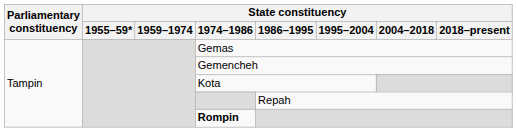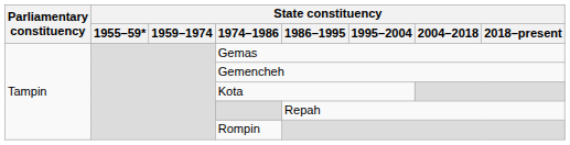 <table class="wikitable">
 <tr>
 <th rowspan="2">Parliamentary<br>constituency</th>
 <th colspan="7">State constituency</th>
 </tr>
 <tr>
 <th>1955–59*</th>
 <th>1959–1974</th>
 <th>1974–1986</th>
 <th>1986–1995</th>
 <th>1995–2004</th>
 <th>2004–2018</th>
 <th>2018–present</th>
 </tr>
 <tr>
 <td rowspan="5">Tampin</td>
 <td colspan="2" rowspan="5" bgcolor="dcdcdc"></td>
 <td colspan="5">Gemas</td>
 </tr>
 <tr>
 <td colspan="5">Gemencheh</td>
 </tr>
 <tr>
 <td colspan="3">Kota</td>
 <td colspan="2" bgcolor="dcdcdc"></td>
 </tr>
 <tr>
 <td bgcolor="dcdcdc"></td>
 <td colspan="4">Repah</td>
 </tr>
 <tr>
-<td><strong>Rompin</strong></td>
+<td>Rompin</td>
 <td colspan="4" bgcolor="dcdcdc"></td>
 </tr>
 </table>
